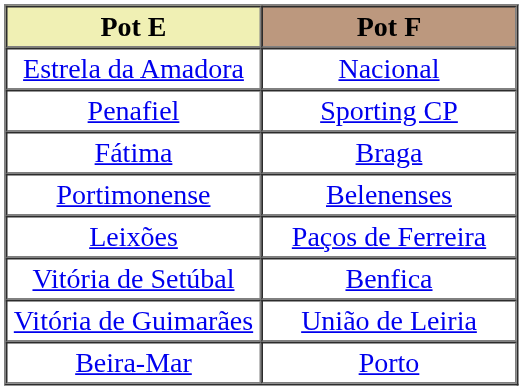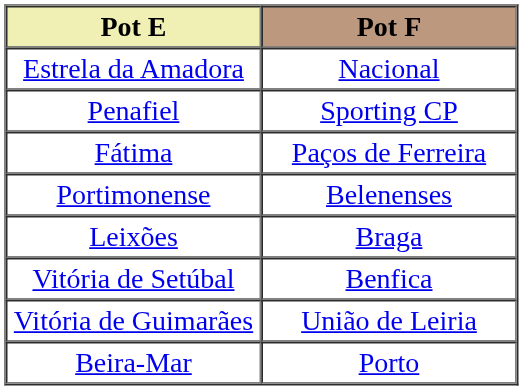 <table border="1" cellpadding="2" cellspacing="0">
 <tr>
 <th - width="140" style="background:#f0f0b4;">Pot E</th>
 <th - width="140" colspan="2" style="background:#BC987E;">Pot F</th>
 </tr>
 <tr>
 <td align="center"><a href='#'>Estrela da Amadora</a></td>
 <td align="center"><a href='#'>Nacional</a></td>
 </tr>
 <tr>
 <td align="center"><a href='#'>Penafiel</a></td>
 <td align="center"><a href='#'>Sporting CP</a></td>
 </tr>
 <tr>
 <td align="center"><a href='#'>Fátima</a></td>
-<td align="center"><a href='#'>Braga</a></td>
+<td align="center"><a href='#'>Paços de Ferreira</a></td>
 </tr>
 <tr>
 <td align="center"><a href='#'>Portimonense</a></td>
 <td align="center"><a href='#'>Belenenses</a></td>
 </tr>
 <tr>
 <td align="center"><a href='#'>Leixões</a></td>
-<td align="center"><a href='#'>Paços de Ferreira</a></td>
+<td align="center"><a href='#'>Braga</a></td>
 </tr>
 <tr>
 <td align="center"><a href='#'>Vitória de Setúbal</a></td>
 <td align="center"><a href='#'>Benfica</a></td>
 </tr>
 <tr>
 <td align="center"><a href='#'>Vitória de Guimarães</a></td>
 <td align="center"><a href='#'>União de Leiria</a></td>
 </tr>
 <tr>
 <td align="center"><a href='#'>Beira-Mar</a></td>
 <td align="center"><a href='#'>Porto</a></td>
 </tr>
 <tr>
 </tr>
 </table>
